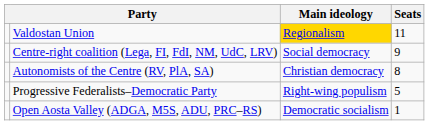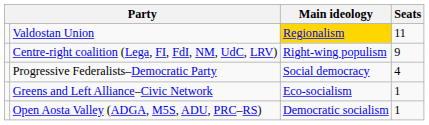 <table class="wikitable" style="text-align:left">
 <tr>
 <th colspan="2">Party</th>
 <th>Main ideology</th>
 <th>Seats</th>
 </tr>
 <tr>
 <td style="background-color:"></td>
 <td><a href='#'>Valdostan Union</a></td>
 <td style="background: gold;"><a href='#'>Regionalism</a></td>
 <td>11</td>
 </tr>
 <tr>
 <td></td>
 <td><a href='#'>Centre-right coalition</a> (<a href='#'>Lega</a>, <a href='#'>FI</a>, <a href='#'>FdI</a>, <a href='#'>NM</a>, <a href='#'>UdC</a>, <a href='#'>LRV</a>)</td>
-<td><a href='#'>Social democracy</a></td>
+<td><a href='#'>Right-wing populism</a></td>
 <td>9</td>
 </tr>
 <tr>
 <td style="background-color:"></td>
-<td><a href='#'>Autonomists of the Centre</a> (<a href='#'>RV</a>, <a href='#'>PlA</a>, <a href='#'>SA</a>)</td>
-<td><a href='#'>Christian democracy</a></td>
-<td>8</td>
+<td>Progressive Federalists–<a href='#'>Democratic Party</a></td>
+<td><a href='#'>Social democracy</a></td>
+<td>4</td>
 </tr>
 <tr>
 <td style="background-color:"></td>
-<td>Progressive Federalists–<a href='#'>Democratic Party</a></td>
-<td><a href='#'>Right-wing populism</a></td>
-<td>5</td>
+<td><a href='#'>Greens and Left Alliance</a>–<a href='#'>Civic Network</a></td>
+<td><a href='#'>Eco-socialism</a></td>
+<td>1</td>
 </tr>
 <tr>
 <td style="background-color:"></td>
 <td><a href='#'>Open Aosta Valley</a> (<a href='#'>ADGA</a>, <a href='#'>M5S</a>, <a href='#'>ADU</a>, <a href='#'>PRC</a>–<a href='#'>RS</a>)</td>
 <td><a href='#'>Democratic socialism</a></td>
 <td>1</td>
 </tr>
 </table>
